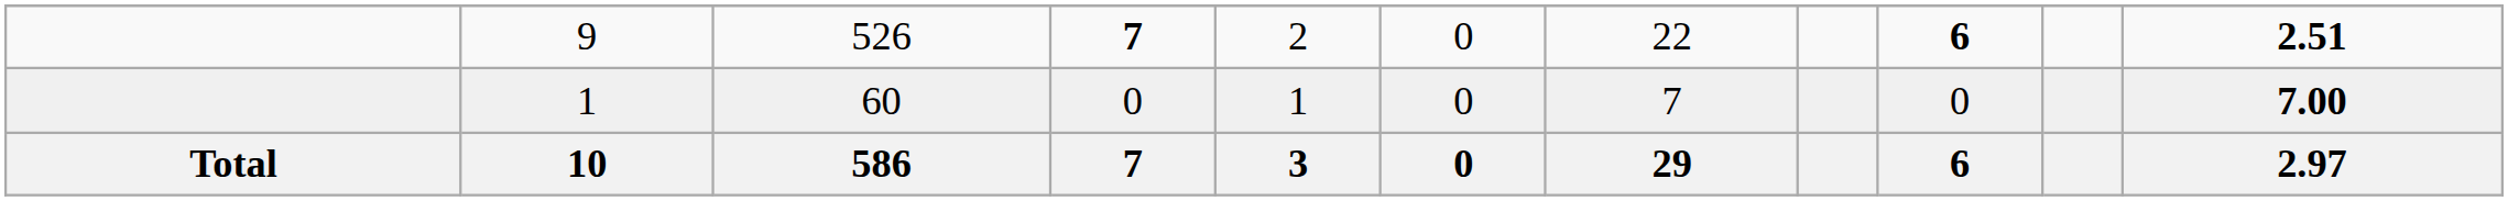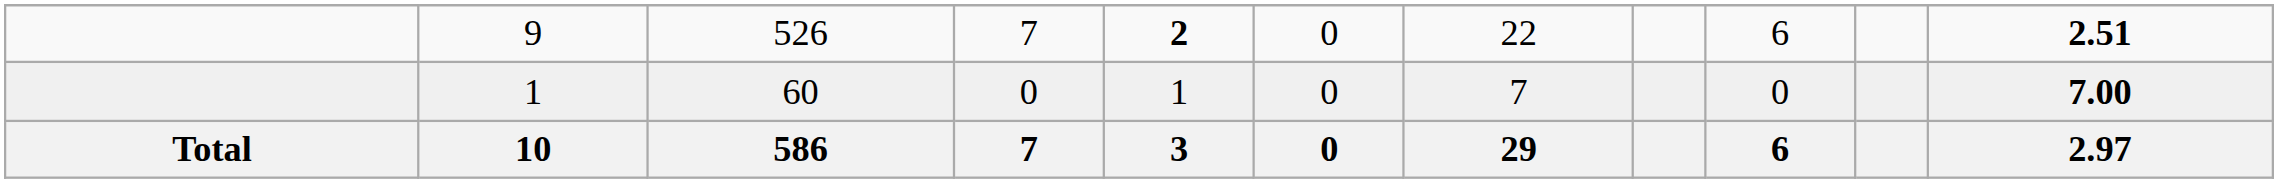 <table class="wikitable sortable" width ="1000">
 <tr align="center">
 </tr>
 <tr align="center" bgcolor="">
 <td></td>
 <td>9</td>
 <td>526</td>
-<td><strong>7</strong></td>
-<td>2</td>
+<td>7</td>
+<td><strong>2</strong></td>
 <td>0</td>
 <td>22</td>
 <td></td>
-<td><strong>6</strong></td>
+<td>6</td>
 <td></td>
 <td><strong>2.51</strong></td>
 </tr>
 <tr align="center" bgcolor="f0f0f0">
 <td></td>
 <td>1</td>
 <td>60</td>
 <td>0</td>
 <td>1</td>
 <td>0</td>
 <td>7</td>
 <td></td>
 <td>0</td>
 <td></td>
 <td><strong>7.00</strong></td>
 </tr>
 <tr>
 <th>Total</th>
 <th>10</th>
 <th>586</th>
 <th>7</th>
 <th>3</th>
 <th>0</th>
 <th>29</th>
 <th></th>
 <th>6</th>
 <th></th>
 <th>2.97</th>
 </tr>
 </table>
